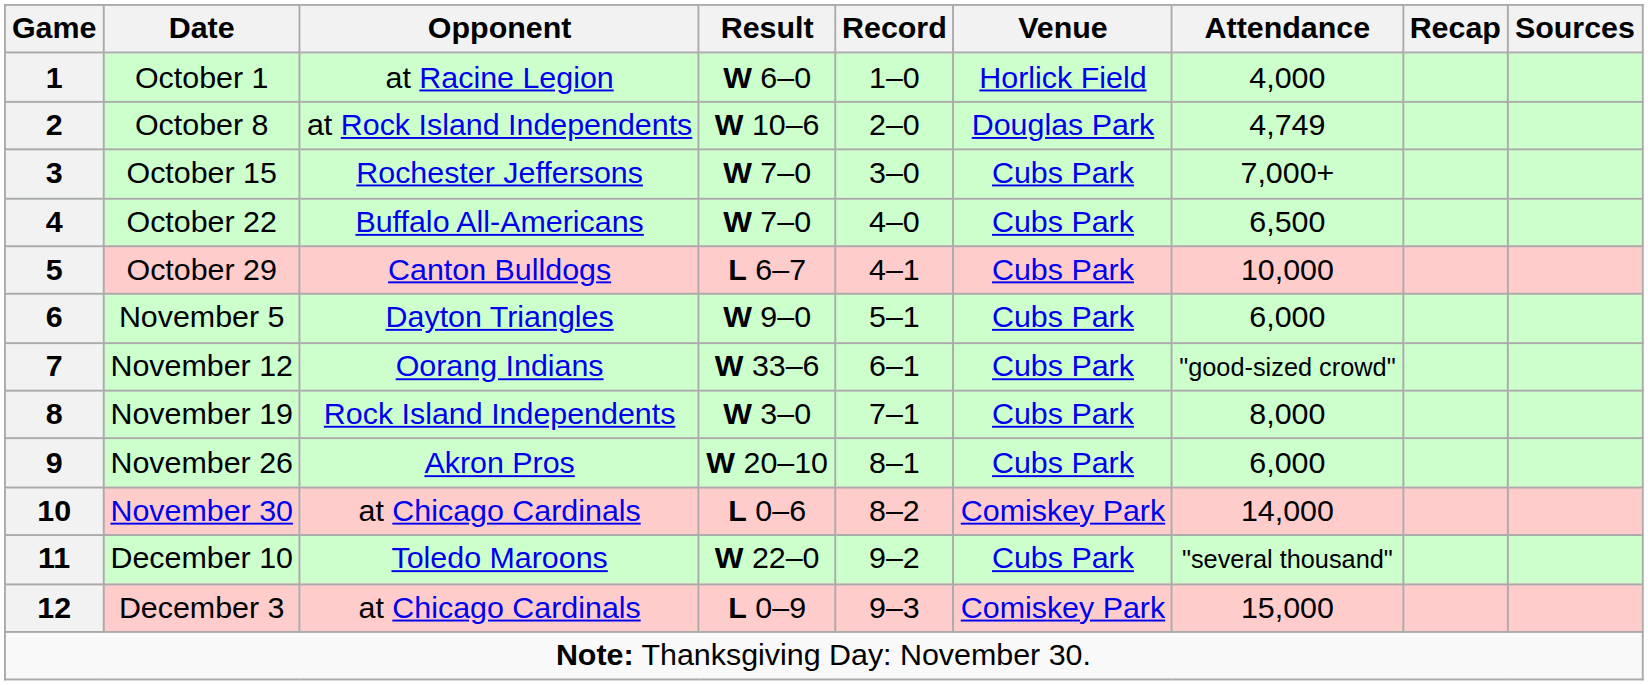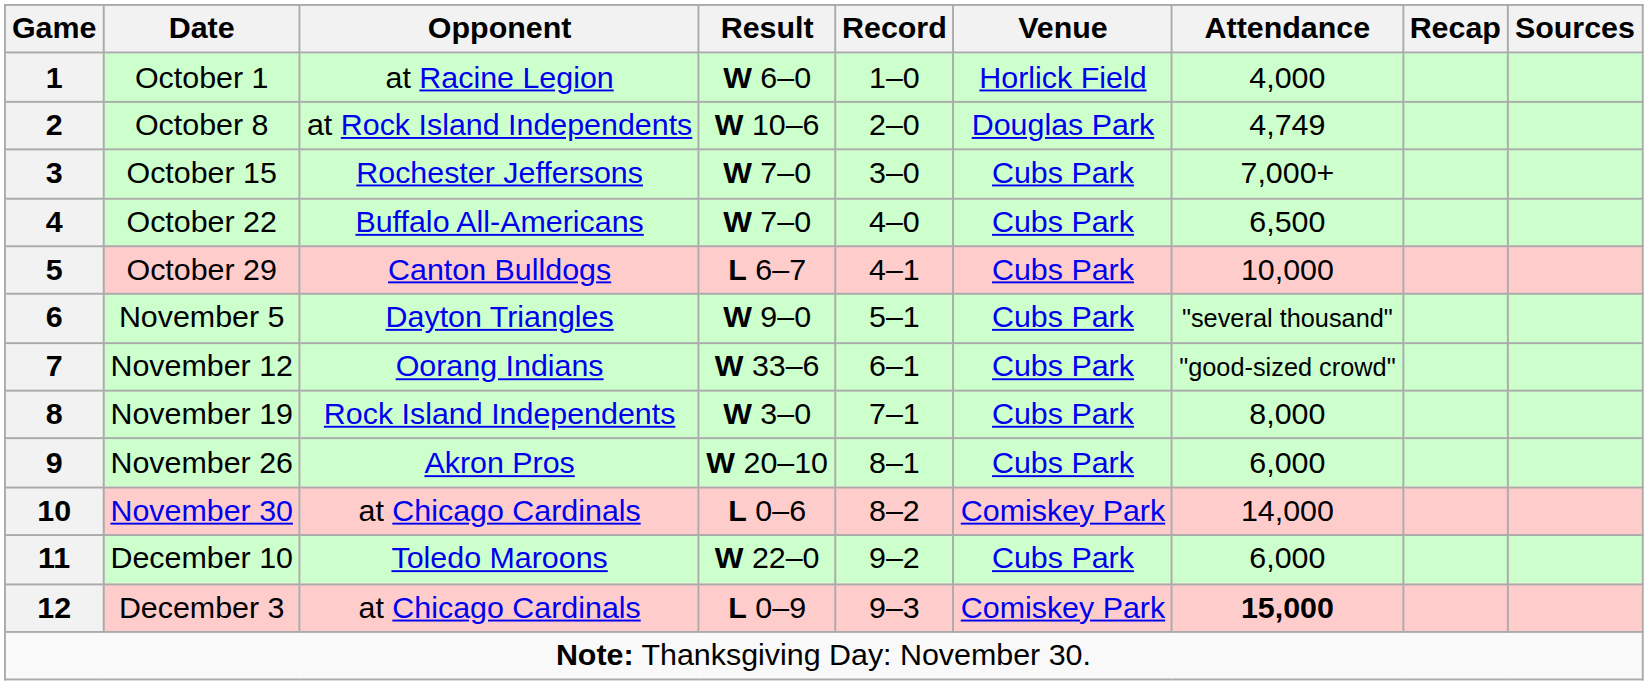 <table class="wikitable" style="text-align:center">
 <tr>
 <th>Game</th>
 <th>Date</th>
 <th>Opponent</th>
 <th>Result</th>
 <th>Record</th>
 <th>Venue</th>
 <th>Attendance</th>
 <th>Recap</th>
 <th>Sources</th>
 </tr>
 <tr style="background:#cfc">
 <th>1</th>
 <td>October 1</td>
 <td>at <a href='#'>Racine Legion</a></td>
 <td><strong>W</strong> 6–0</td>
 <td>1–0</td>
 <td><a href='#'>Horlick Field</a></td>
 <td>4,000 </td>
 <td></td>
 <td></td>
 </tr>
 <tr style="background:#cfc">
 <th>2</th>
 <td>October 8</td>
 <td>at <a href='#'>Rock Island Independents</a></td>
 <td><strong>W</strong> 10–6</td>
 <td>2–0</td>
 <td><a href='#'>Douglas Park</a></td>
 <td>4,749</td>
 <td></td>
 <td></td>
 </tr>
 <tr style="background:#cfc">
 <th>3</th>
 <td>October 15</td>
 <td><a href='#'>Rochester Jeffersons</a></td>
 <td><strong>W</strong> 7–0</td>
 <td>3–0</td>
 <td><a href='#'>Cubs Park</a></td>
 <td>7,000+</td>
 <td></td>
 <td></td>
 </tr>
 <tr style="background:#cfc">
 <th>4</th>
 <td>October 22</td>
 <td><a href='#'>Buffalo All-Americans</a></td>
 <td><strong>W</strong> 7–0</td>
 <td>4–0</td>
 <td><a href='#'>Cubs Park</a></td>
 <td>6,500</td>
 <td></td>
 <td></td>
 </tr>
 <tr style="background:#fcc">
 <th>5</th>
 <td>October 29</td>
 <td><a href='#'>Canton Bulldogs</a></td>
 <td><strong>L</strong> 6–7</td>
 <td>4–1</td>
 <td><a href='#'>Cubs Park</a></td>
 <td>10,000</td>
 <td></td>
 <td></td>
 </tr>
 <tr style="background:#cfc">
 <th>6</th>
 <td>November 5</td>
 <td><a href='#'>Dayton Triangles</a></td>
 <td><strong>W</strong> 9–0</td>
 <td>5–1</td>
 <td><a href='#'>Cubs Park</a></td>
-<td>6,000</td>
+<td><small>"several thousand"</small></td>
 <td></td>
 <td></td>
 </tr>
 <tr style="background:#cfc">
 <th>7</th>
 <td>November 12</td>
 <td><a href='#'>Oorang Indians</a></td>
 <td><strong>W</strong> 33–6</td>
 <td>6–1</td>
 <td><a href='#'>Cubs Park</a></td>
 <td><small>"good-sized crowd"</small></td>
 <td></td>
 <td></td>
 </tr>
 <tr style="background:#cfc">
 <th>8</th>
 <td>November 19</td>
 <td><a href='#'>Rock Island Independents</a></td>
 <td><strong>W</strong> 3–0</td>
 <td>7–1</td>
 <td><a href='#'>Cubs Park</a></td>
 <td>8,000</td>
 <td></td>
 <td></td>
 </tr>
 <tr style="background:#cfc">
 <th>9</th>
 <td>November 26</td>
 <td><a href='#'>Akron Pros</a></td>
 <td><strong>W</strong> 20–10</td>
 <td>8–1</td>
 <td><a href='#'>Cubs Park</a></td>
 <td>6,000</td>
 <td></td>
 <td></td>
 </tr>
 <tr style="background:#fcc">
 <th>10</th>
 <td><a href='#'>November 30</a></td>
 <td>at <a href='#'>Chicago Cardinals</a></td>
 <td><strong>L</strong> 0–6</td>
 <td>8–2</td>
 <td><a href='#'>Comiskey Park</a></td>
 <td>14,000</td>
 <td></td>
 <td></td>
 </tr>
 <tr style="background:#cfc">
 <th>11</th>
 <td>December 10</td>
 <td><a href='#'>Toledo Maroons</a></td>
 <td><strong>W</strong> 22–0</td>
 <td>9–2</td>
 <td><a href='#'>Cubs Park</a></td>
-<td><small>"several thousand"</small></td>
+<td>6,000</td>
 <td></td>
 <td></td>
 </tr>
 <tr style="background:#fcc">
 <th>12</th>
 <td>December 3</td>
 <td>at <a href='#'>Chicago Cardinals</a></td>
 <td><strong>L</strong> 0–9</td>
 <td>9–3</td>
 <td><a href='#'>Comiskey Park</a></td>
-<td>15,000</td>
+<td><strong>15,000</strong></td>
 <td></td>
 <td></td>
 </tr>
 <tr>
 <td colspan="10"><strong>Note:</strong> Thanksgiving Day: November 30.</td>
 </tr>
 </table>
